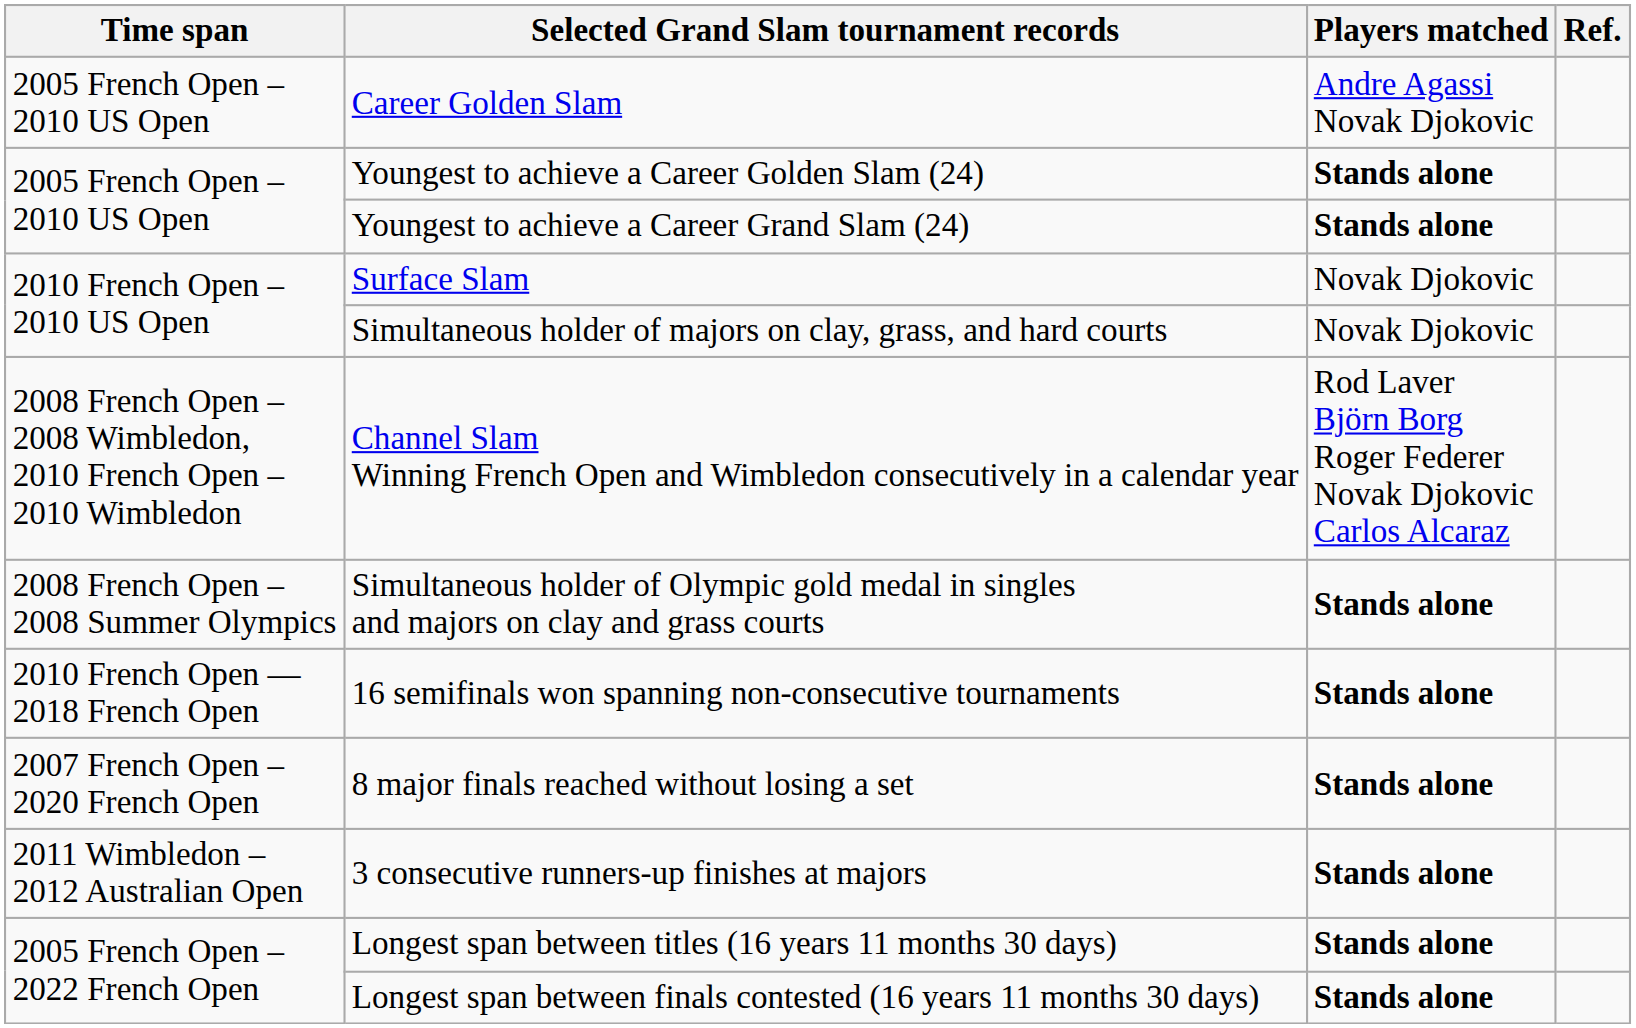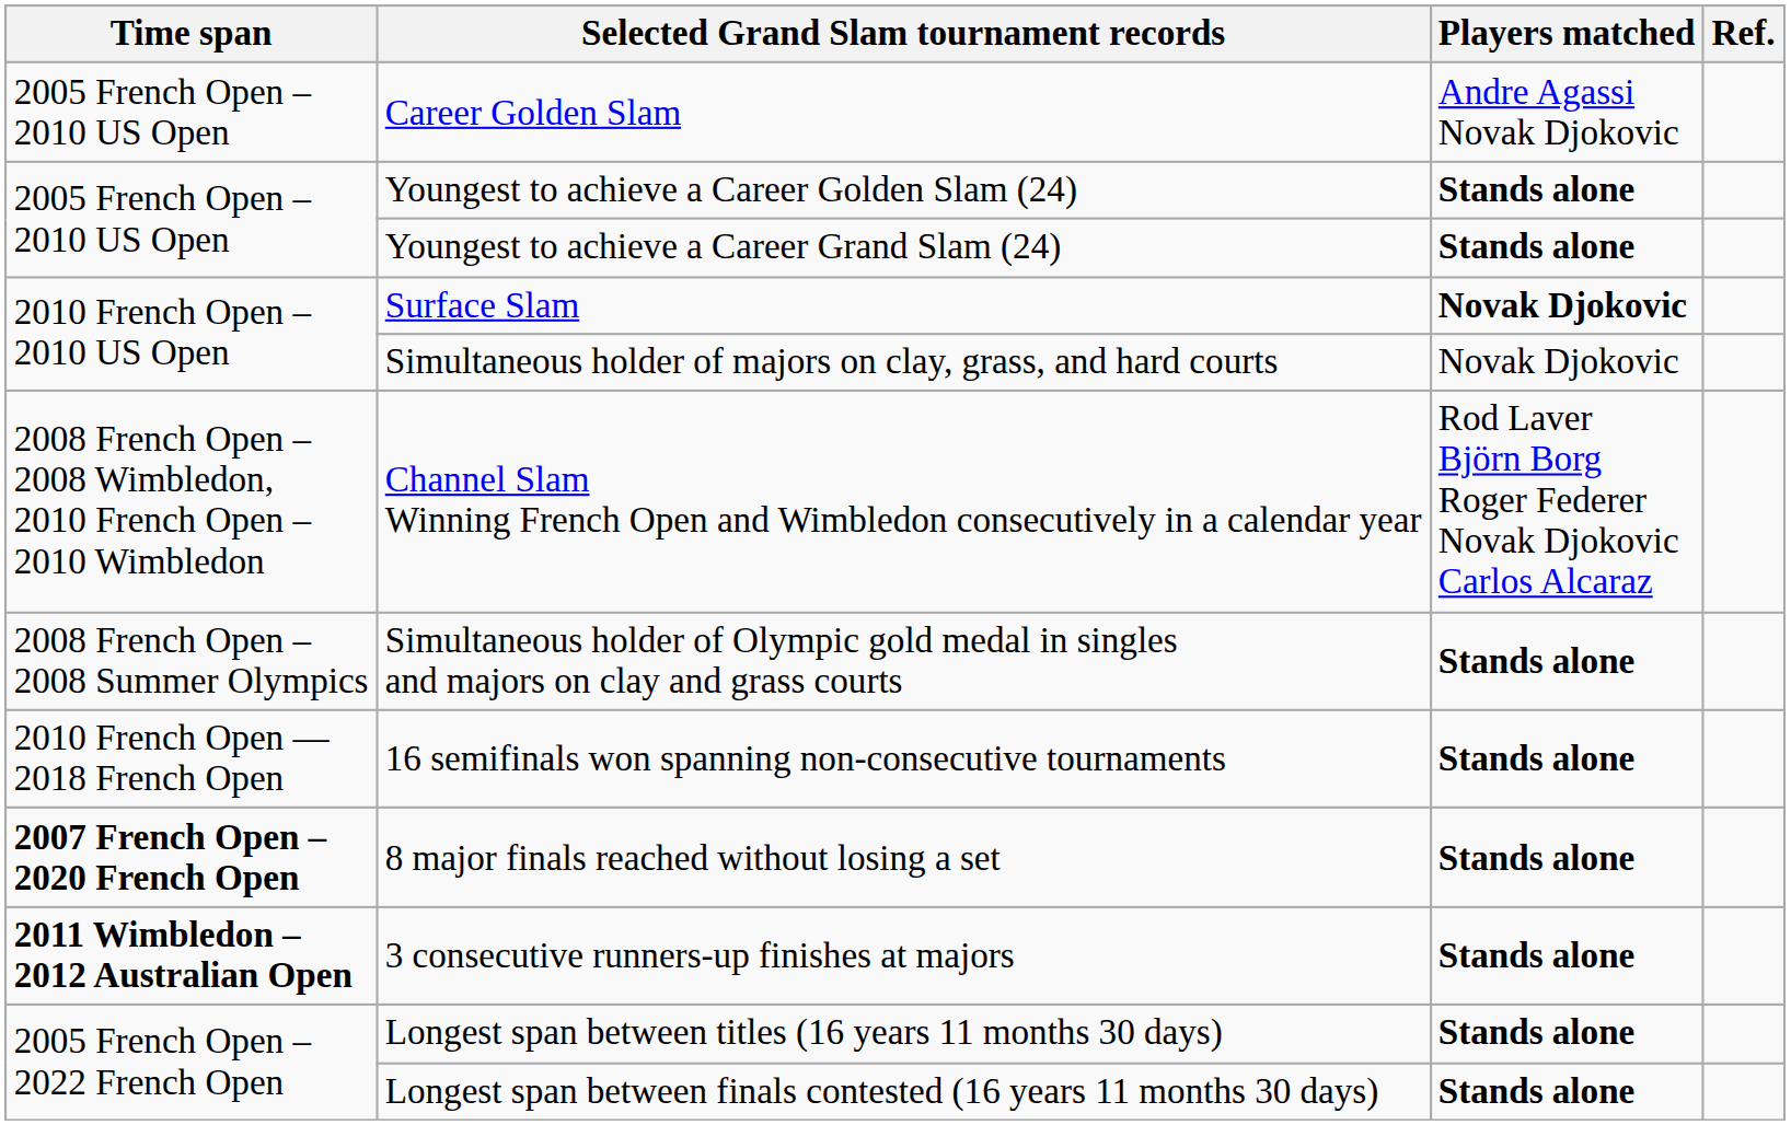 <table class="wikitable collapsible collapsed" style=text-align:left>
 <tr>
 <th>Time span</th>
 <th>Selected Grand Slam tournament records</th>
 <th>Players matched</th>
 <th>Ref.</th>
 </tr>
 <tr>
 <td>2005 French Open –<br>2010 US Open</td>
 <td><a href='#'>Career Golden Slam</a></td>
 <td><a href='#'>Andre Agassi</a><br>Novak Djokovic</td>
 <td></td>
 </tr>
 <tr>
 <td rowspan="2">2005 French Open –<br>2010 US Open</td>
 <td>Youngest to achieve a Career Golden Slam (24)</td>
 <td><strong>Stands alone</strong></td>
 <td></td>
 </tr>
 <tr>
 <td>Youngest to achieve a Career Grand Slam (24)</td>
 <td><strong>Stands alone</strong></td>
 <td></td>
 </tr>
 <tr>
 <td rowspan="2">2010 French Open –<br>2010 US Open</td>
 <td><a href='#'>Surface Slam</a></td>
-<td>Novak Djokovic</td>
+<td><strong>Novak Djokovic</strong></td>
 <td></td>
 </tr>
 <tr>
 <td>Simultaneous holder of majors on clay, grass, and hard courts</td>
 <td>Novak Djokovic</td>
 <td></td>
 </tr>
 <tr>
 <td>2008 French Open –<br> 2008 Wimbledon, <br> 2010 French Open –<br> 2010 Wimbledon</td>
 <td><a href='#'>Channel Slam</a> <br> Winning French Open and Wimbledon consecutively in a calendar year</td>
 <td>Rod Laver<br><a href='#'>Björn Borg</a><br>Roger Federer<br>Novak Djokovic<br><a href='#'>Carlos Alcaraz</a></td>
 <td></td>
 </tr>
 <tr>
 <td>2008 French Open –<br>2008 Summer Olympics</td>
 <td>Simultaneous holder of Olympic gold medal in singles<br> and majors on clay and grass courts</td>
 <td><strong>Stands alone</strong></td>
 <td></td>
 </tr>
 <tr>
 <td>2010 French Open —<br> 2018 French Open</td>
 <td>16 semifinals won spanning non-consecutive tournaments</td>
 <td><strong>Stands alone</strong></td>
 <td></td>
 </tr>
 <tr>
-<td>2007 French Open –<br>2020 French Open</td>
+<td><strong>2007 French Open –<br>2020 French Open</strong></td>
 <td>8 major finals reached without losing a set</td>
 <td><strong>Stands alone</strong></td>
 <td></td>
 </tr>
 <tr>
-<td>2011 Wimbledon –<br>2012 Australian Open</td>
+<td><strong>2011 Wimbledon –<br>2012 Australian Open</strong></td>
 <td>3 consecutive runners-up finishes at majors</td>
 <td><strong>Stands alone</strong></td>
 <td></td>
 </tr>
 <tr>
 <td rowspan="2">2005 French Open –<br>2022 French Open</td>
 <td>Longest span between titles (16 years 11 months 30 days)</td>
 <td><strong>Stands alone</strong></td>
 <td></td>
 </tr>
 <tr>
 <td>Longest span between finals contested (16 years 11 months 30 days)</td>
 <td><strong>Stands alone</strong></td>
 <td></td>
 </tr>
 </table>
